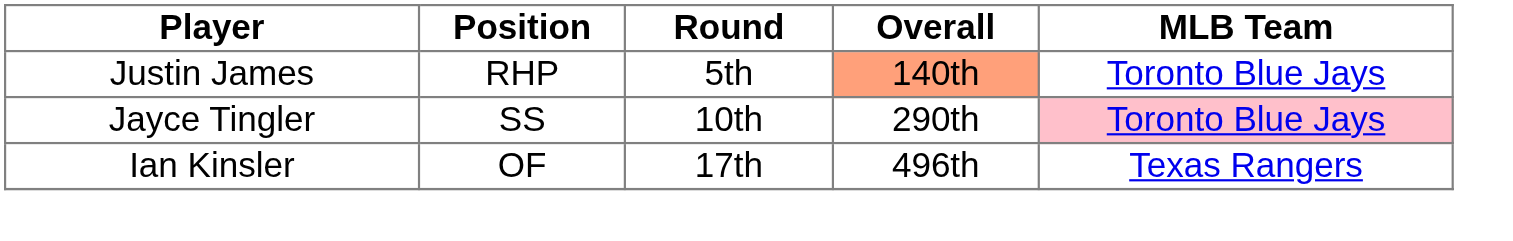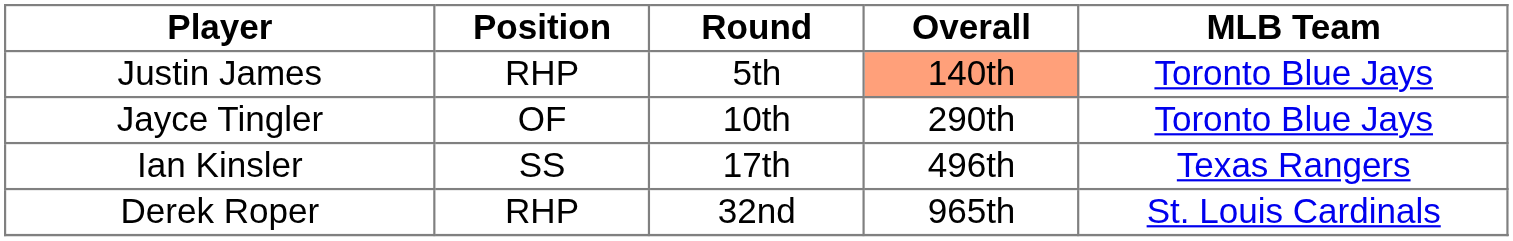 <table class="toccolours" border=1 style="text-align:center; border-collapse:collapse;">
 <tr>
 <th style="width:20%; ">Player</th>
 <th style="width:10%; ">Position</th>
 <th style="width:10%; ">Round</th>
 <th style="width:10%; ">Overall</th>
 <th style="width:20%; ">MLB Team</th>
 </tr>
 <tr>
 <td>Justin James</td>
 <td>RHP</td>
 <td>5th</td>
 <td style="background: lightsalmon;">140th</td>
 <td><a href='#'>Toronto Blue Jays</a></td>
 </tr>
 <tr>
 <td>Jayce Tingler</td>
-<td>SS</td>
+<td>OF</td>
 <td>10th</td>
 <td>290th</td>
-<td style="background: pink;"><a href='#'>Toronto Blue Jays</a></td>
+<td><a href='#'>Toronto Blue Jays</a></td>
 </tr>
 <tr>
 <td>Ian Kinsler</td>
-<td>OF</td>
+<td>SS</td>
 <td>17th</td>
 <td>496th</td>
 <td><a href='#'>Texas Rangers</a></td>
 </tr>
 <tr>
+<td>Derek Roper</td>
+<td>RHP</td>
+<td>32nd</td>
+<td>965th</td>
+<td><a href='#'>St. Louis Cardinals</a></td>
+</tr>
+<tr>
 </tr>
 </table>
